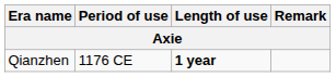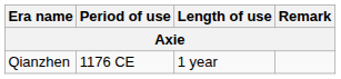 <table class="wikitable">
 <tr>
 <th>Era name</th>
 <th>Period of use</th>
 <th>Length of use</th>
 <th>Remark</th>
 </tr>
 <tr>
 <th colspan="4">Axie<br></th>
 </tr>
 <tr>
 <td>Qianzhen<br></td>
 <td>1176 CE</td>
-<td><strong>1 year</strong></td>
+<td>1 year</td>
 <td></td>
 </tr>
 </table>
